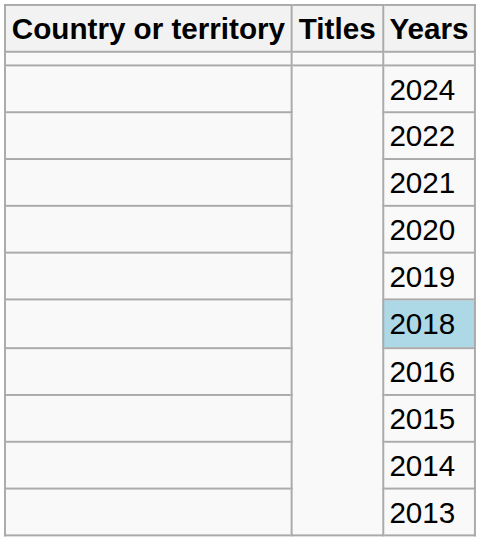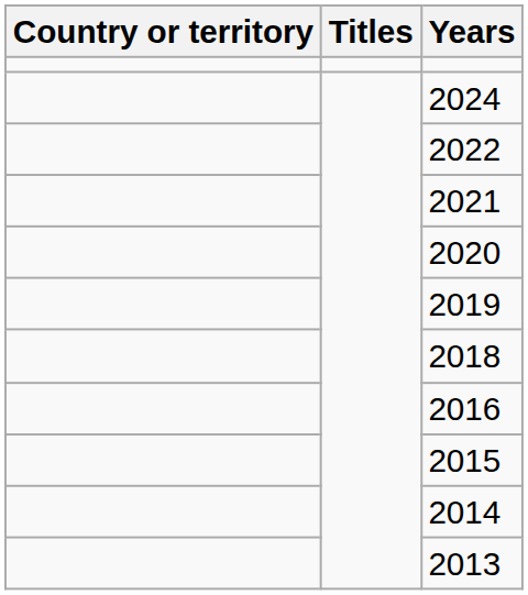 <table class="wikitable sortable" style="font-size:95%;">
 <tr>
 <th>Country or territory</th>
 <th>Titles</th>
 <th>Years</th>
 </tr>
 <tr>
 <td></td>
 <td></td>
 <td></td>
 </tr>
 <tr>
 <td></td>
 <td rowspan=11></td>
 <td>2024</td>
 </tr>
 <tr>
 <td></td>
 <td>2022</td>
 </tr>
 <tr>
 <td></td>
 <td>2021</td>
 </tr>
 <tr>
 <td></td>
 <td>2020</td>
 </tr>
 <tr>
 <td></td>
 <td>2019</td>
 </tr>
 <tr>
 <td></td>
-<td style="background: lightblue;">2018</td>
+<td>2018</td>
 </tr>
 <tr>
 <td></td>
 <td>2016</td>
 </tr>
 <tr>
 <td></td>
 <td>2015</td>
 </tr>
 <tr>
 <td></td>
 <td>2014</td>
 </tr>
 <tr>
 <td></td>
 <td>2013</td>
 </tr>
 </table>
